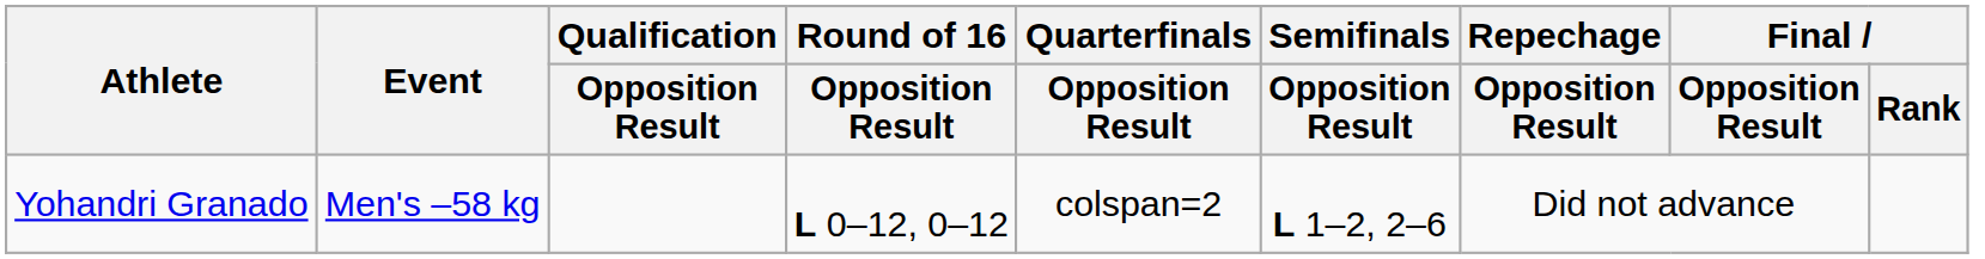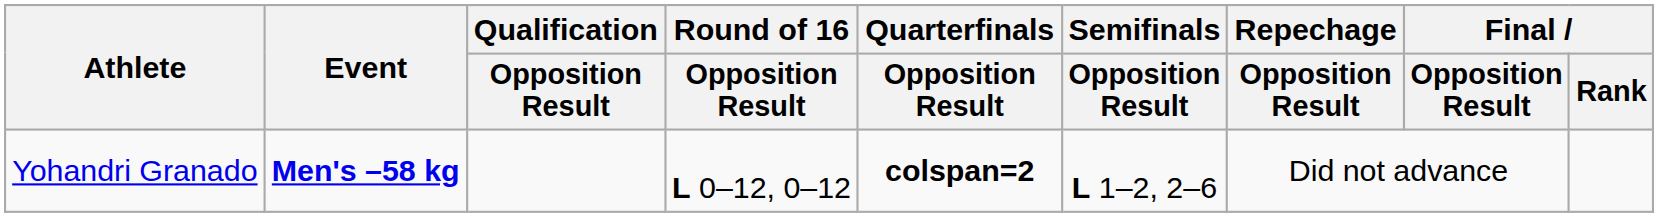 <table class=wikitable style=font-size:90%;text-align:center>
 <tr>
 <th rowspan=2>Athlete</th>
 <th rowspan=2>Event</th>
 <th>Qualification</th>
 <th>Round of 16</th>
 <th>Quarterfinals</th>
 <th>Semifinals</th>
 <th>Repechage</th>
 <th colspan=2>Final / </th>
 </tr>
 <tr style=font-size:95%>
 <th>Opposition<br>Result</th>
 <th>Opposition<br>Result</th>
 <th>Opposition<br>Result</th>
 <th>Opposition<br>Result</th>
 <th>Opposition<br>Result</th>
 <th>Opposition<br>Result</th>
 <th>Rank</th>
 </tr>
 <tr>
 <td align=left><a href='#'>Yohandri Granado</a></td>
-<td align=left><a href='#'>Men's –58 kg</a></td>
+<td align=left><strong><a href='#'>Men's –58 kg</a></strong></td>
 <td></td>
 <td><br><strong>L</strong> 0–12, 0–12</td>
-<td>colspan=2 </td>
+<td><strong>colspan=2 </strong></td>
 <td><br><strong>L</strong> 1–2, 2–6</td>
 <td colspan=2>Did not advance</td>
 </tr>
 </table>
